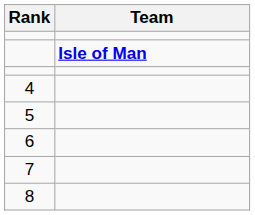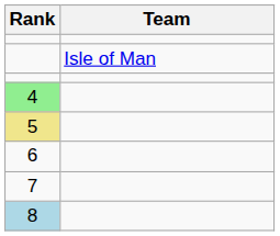 <table class="wikitable" style="text-align:center;">
 <tr>
 <th>Rank</th>
 <th width=175>Team</th>
 </tr>
 <tr>
 <td></td>
 <td align=left></td>
 </tr>
 <tr>
 <td></td>
-<td align=left><strong> <a href='#'>Isle of Man</a></strong></td>
+<td align=left> <a href='#'>Isle of Man</a></td>
 </tr>
 <tr>
 <td></td>
 <td align=left></td>
 </tr>
 <tr>
-<td>4</td>
+<td style="background: lightgreen;">4</td>
 <td align=left></td>
 </tr>
 <tr>
-<td>5</td>
+<td style="background: khaki;">5</td>
 <td align=left></td>
 </tr>
 <tr>
 <td>6</td>
 <td align=left></td>
 </tr>
 <tr>
 <td>7</td>
 <td align=left></td>
 </tr>
 <tr>
-<td>8</td>
+<td style="background: lightblue;">8</td>
 <td align=left></td>
 </tr>
 </table>
